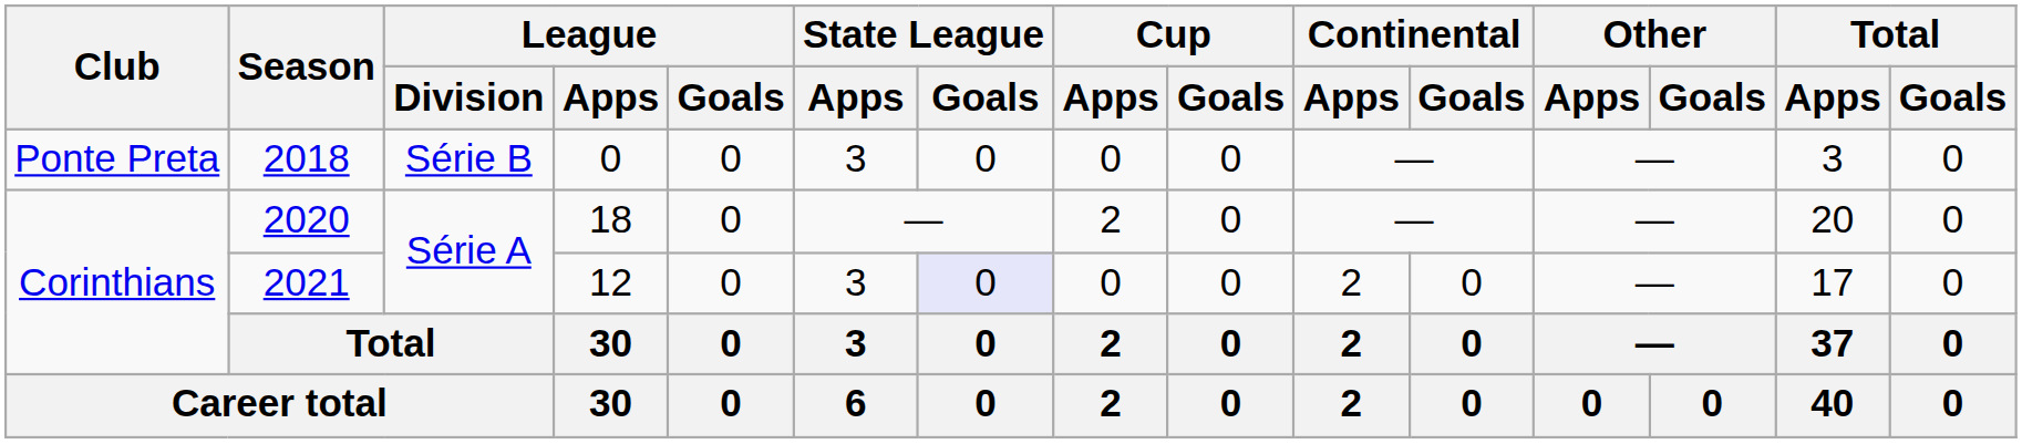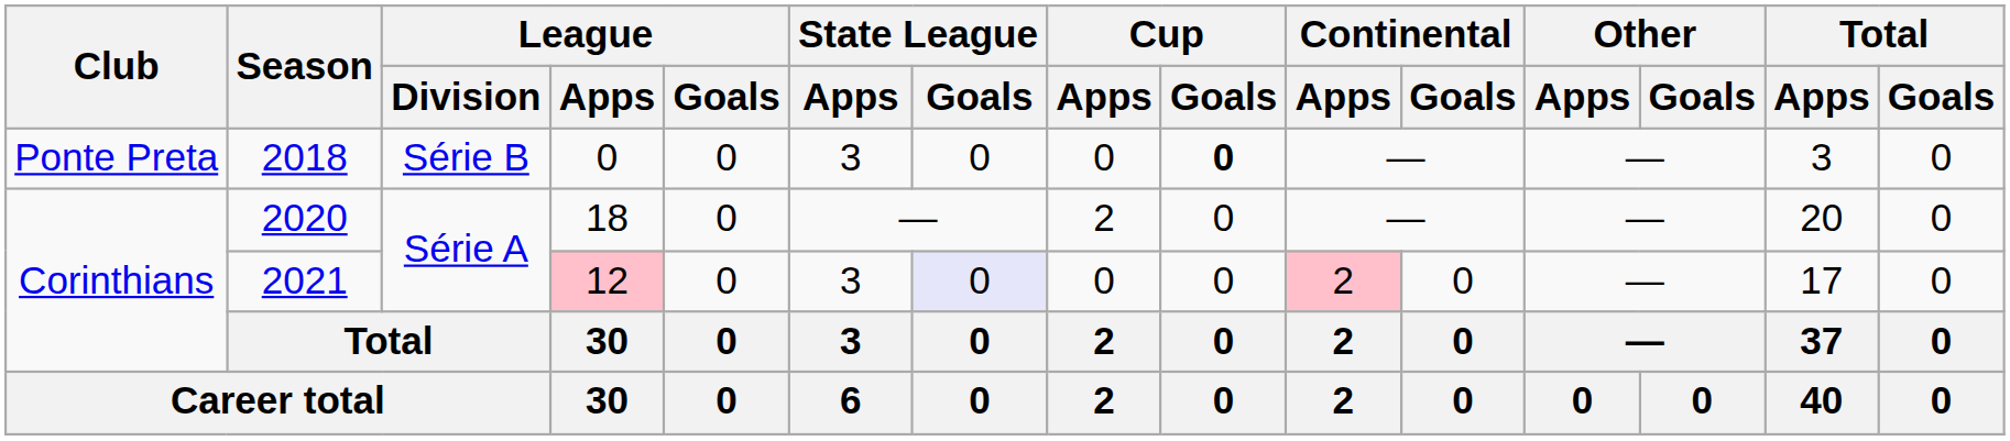 <table class="wikitable" style="text-align: center">
 <tr>
 <th rowspan="2">Club</th>
 <th rowspan="2">Season</th>
 <th colspan="3">League</th>
 <th colspan="2">State League</th>
 <th colspan="2">Cup</th>
 <th colspan="2">Continental</th>
 <th colspan="2">Other</th>
 <th colspan="2">Total</th>
 </tr>
 <tr>
 <th>Division</th>
 <th>Apps</th>
 <th>Goals</th>
 <th>Apps</th>
 <th>Goals</th>
 <th>Apps</th>
 <th>Goals</th>
 <th>Apps</th>
 <th>Goals</th>
 <th>Apps</th>
 <th>Goals</th>
 <th>Apps</th>
 <th>Goals</th>
 </tr>
 <tr>
 <td><a href='#'>Ponte Preta</a></td>
 <td><a href='#'>2018</a></td>
 <td><a href='#'>Série B</a></td>
 <td>0</td>
 <td>0</td>
 <td>3</td>
 <td>0</td>
 <td>0</td>
-<td>0</td>
+<td><strong>0</strong></td>
 <td colspan="2">—</td>
 <td colspan="2">—</td>
 <td>3</td>
 <td>0</td>
 </tr>
 <tr>
 <td rowspan="3"><a href='#'>Corinthians</a></td>
 <td><a href='#'>2020</a></td>
 <td rowspan="2"><a href='#'>Série A</a></td>
 <td>18</td>
 <td>0</td>
 <td colspan="2">—</td>
 <td>2</td>
 <td>0</td>
 <td colspan="2">—</td>
 <td colspan="2">—</td>
 <td>20</td>
 <td>0</td>
 </tr>
 <tr>
 <td><a href='#'>2021</a></td>
-<td>12</td>
+<td style="background: pink;">12</td>
 <td>0</td>
 <td>3</td>
 <td style="background: lavender;">0</td>
 <td>0</td>
 <td>0</td>
-<td>2</td>
+<td style="background: pink;">2</td>
 <td>0</td>
 <td colspan="2">—</td>
 <td>17</td>
 <td>0</td>
 </tr>
 <tr>
 <th colspan="2">Total</th>
 <th>30</th>
 <th>0</th>
 <th>3</th>
 <th>0</th>
 <th>2</th>
 <th>0</th>
 <th>2</th>
 <th>0</th>
 <th colspan="2">—</th>
 <th>37</th>
 <th>0</th>
 </tr>
 <tr>
 <th colspan="3"><strong>Career total</strong></th>
 <th>30</th>
 <th>0</th>
 <th>6</th>
 <th>0</th>
 <th>2</th>
 <th>0</th>
 <th>2</th>
 <th>0</th>
 <th>0</th>
 <th>0</th>
 <th>40</th>
 <th>0</th>
 </tr>
 </table>
